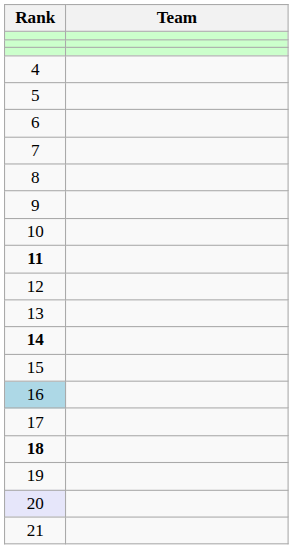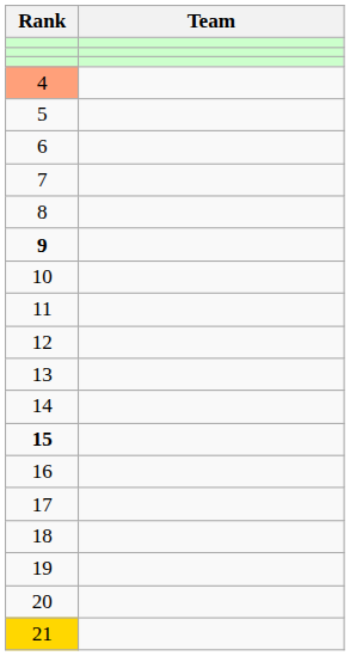 <table class="wikitable" style="text-align: center">
 <tr>
 <th width=50>Rank</th>
 <th width=200>Team</th>
 </tr>
 <tr bgcolor=#ccffcc>
 <td></td>
 <td align=left></td>
 </tr>
 <tr bgcolor=#ccffcc>
 <td></td>
 <td align=left></td>
 </tr>
 <tr bgcolor=#ccffcc>
 <td></td>
 <td align=left></td>
 </tr>
 <tr>
-<td>4</td>
+<td style="background: lightsalmon;">4</td>
 <td align=left></td>
 </tr>
 <tr>
 <td>5</td>
 <td align=left></td>
 </tr>
 <tr>
 <td>6</td>
 <td align=left></td>
 </tr>
 <tr>
 <td>7</td>
 <td align=left></td>
 </tr>
 <tr>
 <td>8</td>
 <td align=left></td>
 </tr>
 <tr>
-<td>9</td>
+<td><strong>9</strong></td>
 <td align=left></td>
 </tr>
 <tr>
 <td>10</td>
 <td align=left></td>
 </tr>
 <tr>
-<td><strong>11</strong></td>
+<td>11</td>
 <td align=left></td>
 </tr>
 <tr>
 <td>12</td>
 <td align=left></td>
 </tr>
 <tr>
 <td>13</td>
 <td align=left></td>
 </tr>
 <tr>
-<td><strong>14</strong></td>
+<td>14</td>
 <td align=left></td>
 </tr>
 <tr>
-<td>15</td>
+<td><strong>15</strong></td>
 <td align=left></td>
 </tr>
 <tr>
-<td style="background: lightblue;">16</td>
+<td>16</td>
 <td align=left></td>
 </tr>
 <tr>
 <td>17</td>
 <td align=left></td>
 </tr>
 <tr>
-<td><strong>18</strong></td>
+<td>18</td>
 <td align=left></td>
 </tr>
 <tr>
 <td>19</td>
 <td align=left></td>
 </tr>
 <tr>
-<td style="background: lavender;">20</td>
+<td>20</td>
 <td align=left></td>
 </tr>
 <tr>
-<td>21</td>
+<td style="background: gold;">21</td>
 <td align=left></td>
 </tr>
 </table>
